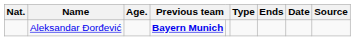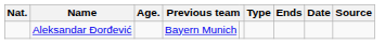 <table class="wikitable sortable">
 <tr>
 <th>Nat.</th>
 <th>Name</th>
 <th>Age.</th>
 <th colspan=2>Previous team</th>
 <th>Type</th>
 <th>Ends</th>
 <th>Date</th>
 <th>Source</th>
 </tr>
 <tr>
 <td></td>
 <td><a href='#'>Aleksandar Đorđević</a></td>
 <td></td>
-<td><strong><a href='#'>Bayern Munich</a></strong></td>
+<td><a href='#'>Bayern Munich</a></td>
 <td></td>
 <td></td>
 <td></td>
 <td></td>
 <td></td>
 </tr>
 </table>
